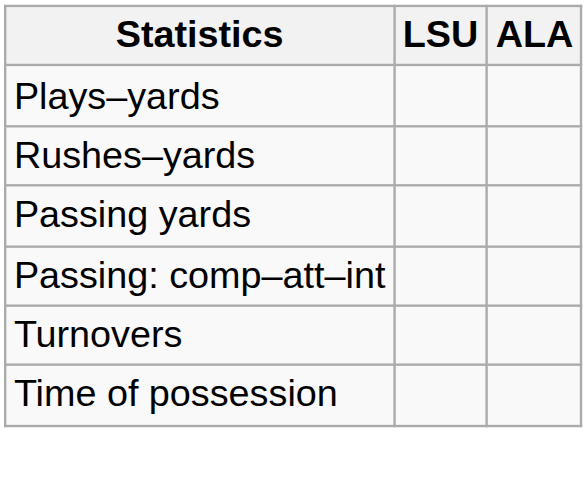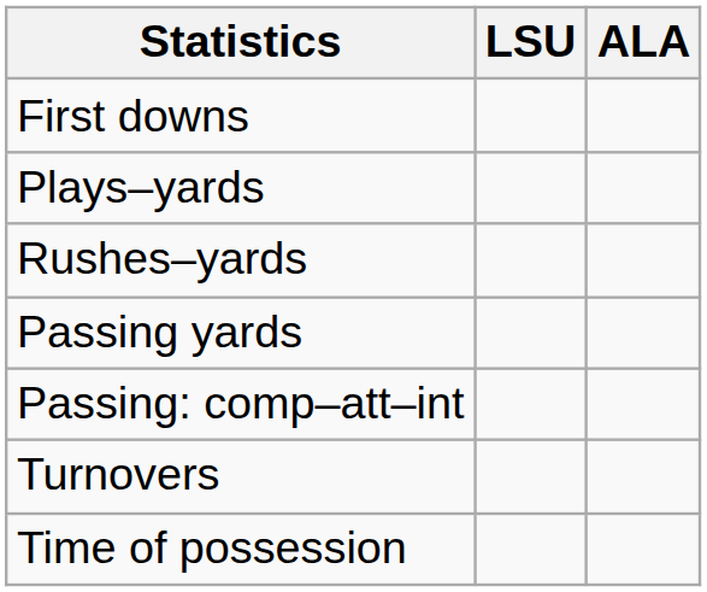 <table class="wikitable" style="float:left">
 <tr>
 <th>Statistics</th>
 <th>LSU</th>
 <th>ALA</th>
+</tr>
+<tr>
+<td>First downs</td>
+<td></td>
+<td></td>
 </tr>
 <tr>
 <td>Plays–yards</td>
 <td></td>
 <td></td>
 </tr>
 <tr>
 <td>Rushes–yards</td>
 <td></td>
 <td></td>
 </tr>
 <tr>
 <td>Passing yards</td>
 <td></td>
 <td></td>
 </tr>
 <tr>
 <td>Passing: comp–att–int</td>
 <td></td>
 <td></td>
 </tr>
 <tr>
 <td>Turnovers</td>
 <td></td>
 <td></td>
 </tr>
 <tr>
 <td>Time of possession</td>
 <td></td>
 <td></td>
 </tr>
 </table>
